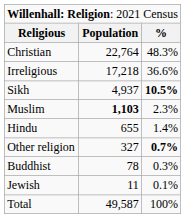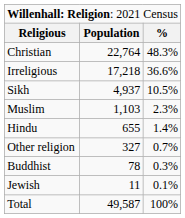 <table class="wikitable">
 <tr>
 <td colspan="14" style="text-align:right;"><strong>Willenhall: Religion</strong>: 2021 Census</td>
 </tr>
 <tr>
 <th>Religious</th>
 <th>Population</th>
 <th>%</th>
 </tr>
 <tr>
 <td>Christian</td>
 <td style="text-align:right;">22,764</td>
 <td style="text-align:right;">48.3%</td>
 </tr>
 <tr>
 <td>Irreligious</td>
 <td style="text-align:right;">17,218</td>
 <td style="text-align:right;">36.6%</td>
 </tr>
 <tr>
 <td>Sikh</td>
 <td style="text-align:right;">4,937</td>
-<td style="text-align:right;"><strong>10.5%</strong></td>
+<td style="text-align:right;">10.5%</td>
 </tr>
 <tr>
 <td>Muslim</td>
-<td style="text-align:right;"><strong>1,103</strong></td>
+<td style="text-align:right;">1,103</td>
 <td style="text-align:right;">2.3%</td>
 </tr>
 <tr>
 <td>Hindu</td>
 <td style="text-align:right;">655</td>
 <td style="text-align:right;">1.4%</td>
 </tr>
 <tr>
 <td>Other religion</td>
 <td style="text-align:right;">327</td>
-<td style="text-align:right;"><strong>0.7%</strong></td>
+<td style="text-align:right;">0.7%</td>
 </tr>
 <tr>
 <td>Buddhist</td>
 <td style="text-align:right;">78</td>
 <td style="text-align:right;">0.3%</td>
 </tr>
 <tr>
 <td>Jewish</td>
 <td style="text-align:right;">11</td>
 <td style="text-align:right;">0.1%</td>
 </tr>
 <tr>
 <td>Total</td>
 <td style="text-align:right;">49,587</td>
 <td style="text-align:right;">100%</td>
 </tr>
 </table>
